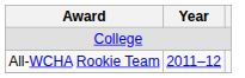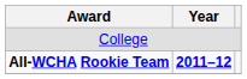 <table class="wikitable">
 <tr>
 <th>Award</th>
 <th>Year</th>
 <th></th>
 </tr>
 <tr ALIGN="center" bgcolor="#e0e0e0">
 <td colspan="3"><a href='#'>College</a></td>
 </tr>
 <tr>
-<td>All-<a href='#'>WCHA</a> <a href='#'>Rookie Team</a></td>
-<td><a href='#'>2011–12</a></td>
+<td><strong>All-<a href='#'>WCHA</a> <a href='#'>Rookie Team</a></strong></td>
+<td><strong><a href='#'>2011–12</a></strong></td>
 <td></td>
 </tr>
 <tr>
 </tr>
 </table>
